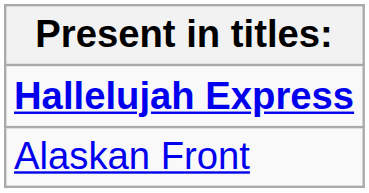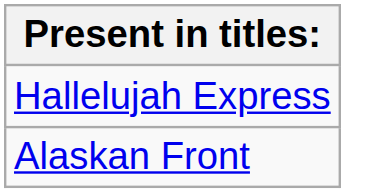 <table class="wikitable">
 <tr>
 <th>Present in titles:</th>
 </tr>
 <tr>
-<td><strong><a href='#'>Hallelujah Express</a></strong></td>
+<td><a href='#'>Hallelujah Express</a></td>
 </tr>
 <tr>
 <td><a href='#'>Alaskan Front</a></td>
 </tr>
 </table>
